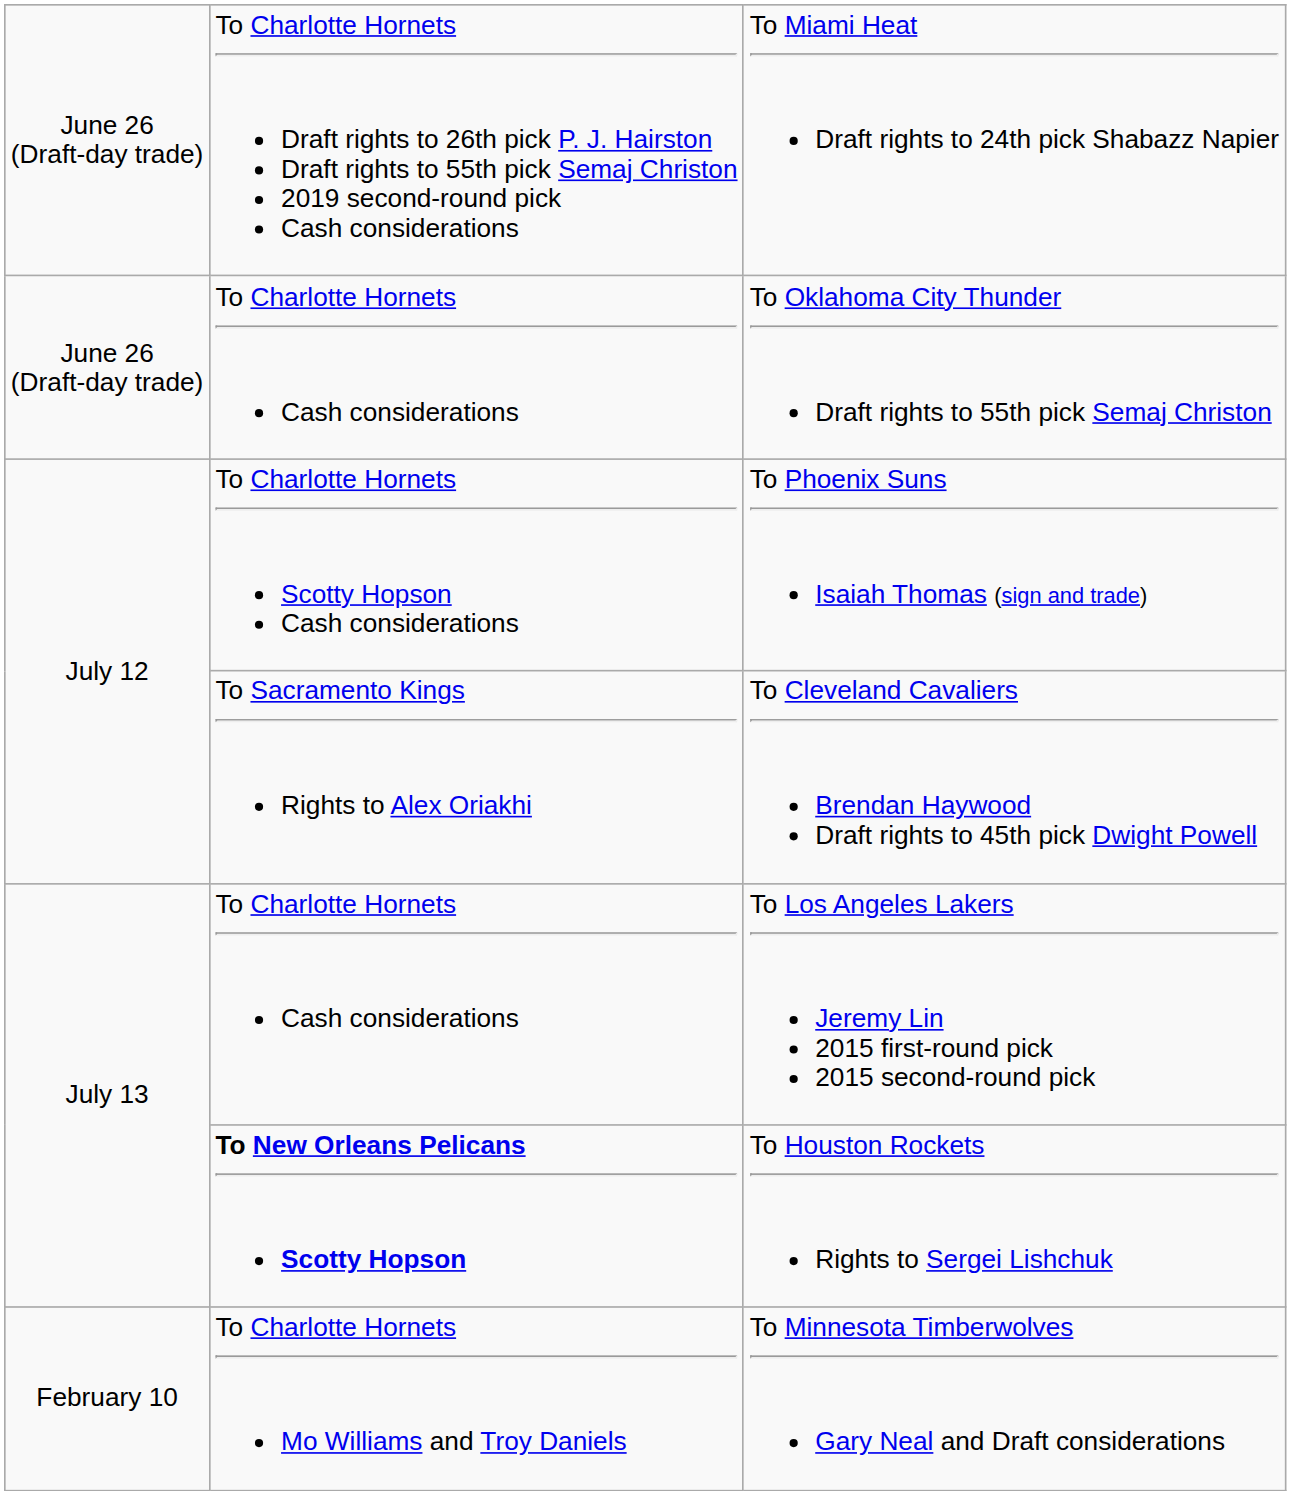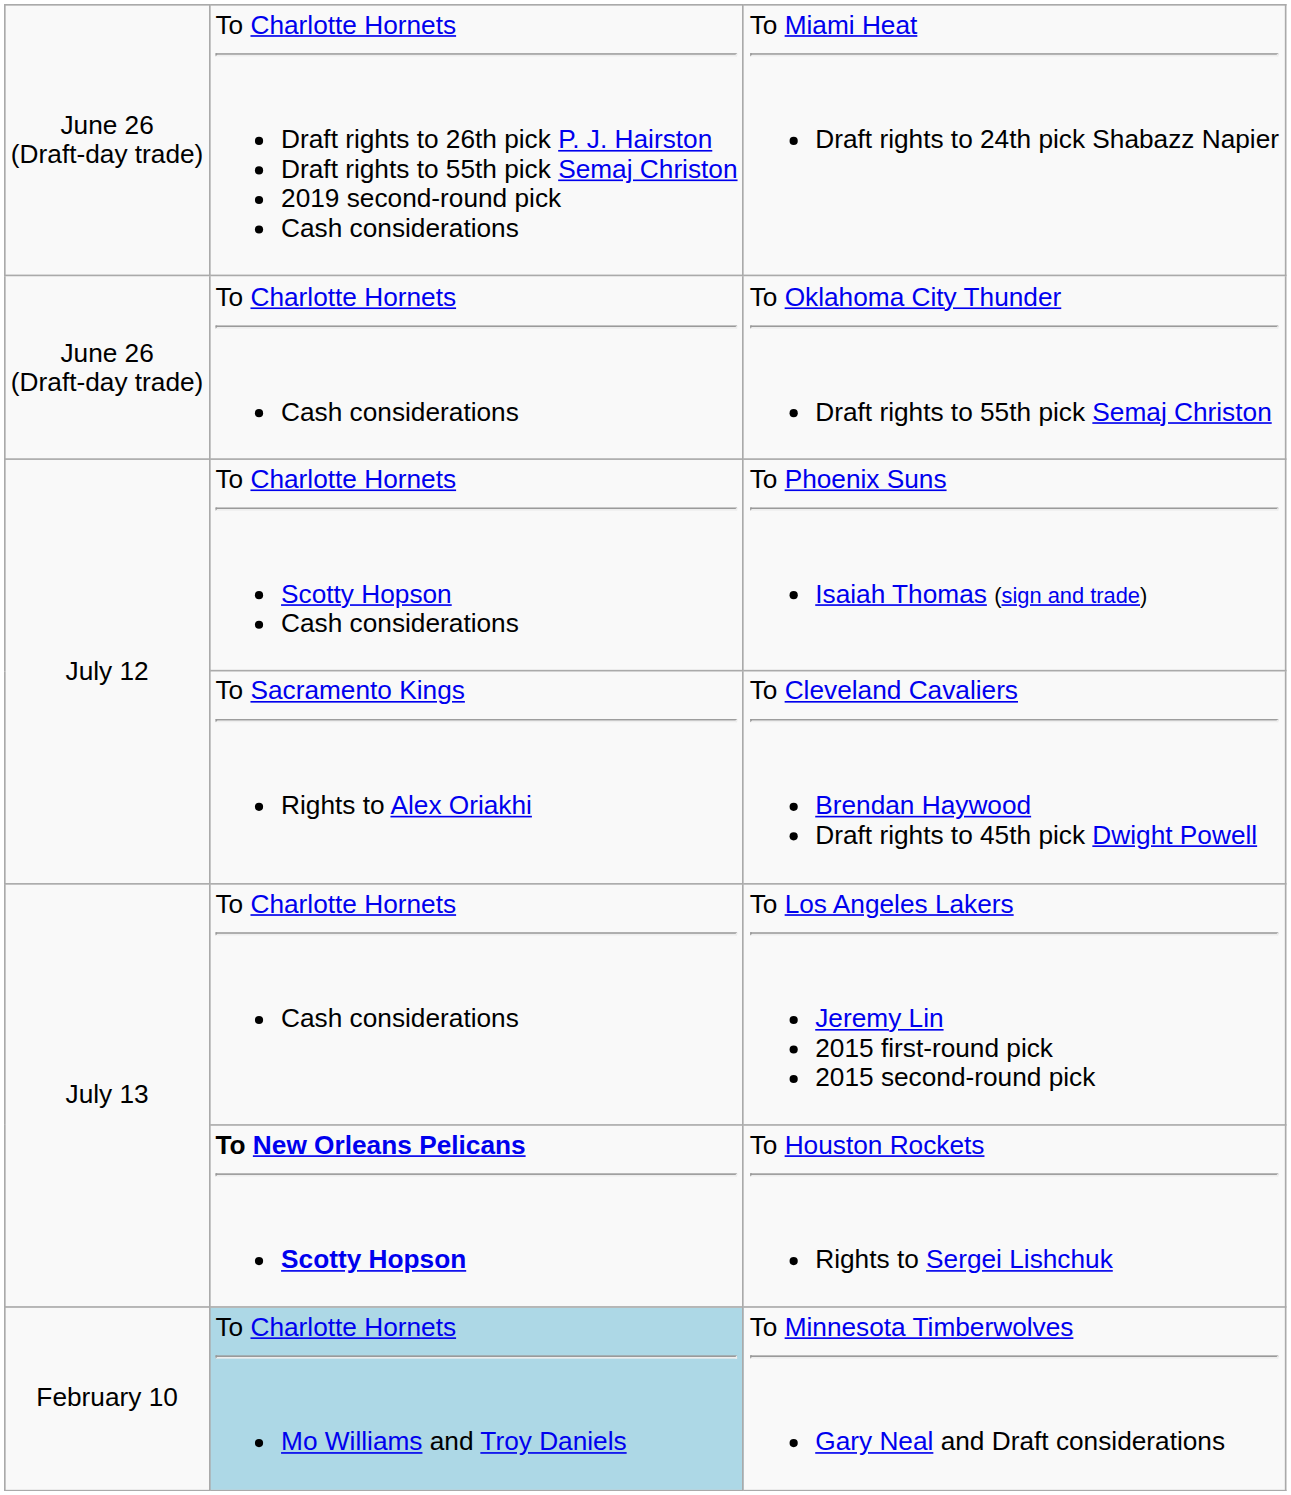 <table class="wikitable" style="text-align:center">
 <tr>
 <td>June 26<br>(Draft-day trade)</td>
 <td align=left valign=top>To <a href='#'>Charlotte Hornets</a><hr><br><ul><li>Draft rights to 26th pick <a href='#'>P. J. Hairston</a></li><li>Draft rights to 55th pick <a href='#'>Semaj Christon</a></li><li>2019 second-round pick</li><li>Cash considerations</li></ul></td>
 <td align=left valign=top>To <a href='#'>Miami Heat</a><hr><br><ul><li>Draft rights to 24th pick Shabazz Napier</li></ul></td>
 </tr>
 <tr>
 <td>June 26<br>(Draft-day trade)</td>
 <td align=left valign=top>To <a href='#'>Charlotte Hornets</a><hr><br><ul><li>Cash considerations</li></ul></td>
 <td align=left valign=top>To <a href='#'>Oklahoma City Thunder</a><hr><br><ul><li>Draft rights to 55th pick <a href='#'>Semaj Christon</a></li></ul></td>
 </tr>
 <tr>
 <td rowspan=2>July 12</td>
 <td align=left valign=top>To <a href='#'>Charlotte Hornets</a><hr><br><ul><li><a href='#'>Scotty Hopson</a></li><li>Cash considerations</li></ul></td>
 <td align=left valign=top>To <a href='#'>Phoenix Suns</a><hr><br><ul><li><a href='#'>Isaiah Thomas</a> <small>(<a href='#'>sign and trade</a>)</small></li></ul></td>
 </tr>
 <tr>
 <td align=left valign=top>To <a href='#'>Sacramento Kings</a><hr><br><ul><li>Rights to <a href='#'>Alex Oriakhi</a></li></ul></td>
 <td align=left valign=top>To <a href='#'>Cleveland Cavaliers</a><hr><br><ul><li><a href='#'>Brendan Haywood</a></li><li>Draft rights to 45th pick <a href='#'>Dwight Powell</a></li></ul></td>
 </tr>
 <tr>
 <td rowspan=2>July 13</td>
 <td align=left valign=top>To <a href='#'>Charlotte Hornets</a><hr><br><ul><li>Cash considerations</li></ul></td>
 <td align=left valign=top>To <a href='#'>Los Angeles Lakers</a><hr><br><ul><li><a href='#'>Jeremy Lin</a></li><li>2015 first-round pick</li><li>2015 second-round pick</li></ul></td>
 </tr>
 <tr>
 <td align=left valign=top><strong>To <a href='#'>New Orleans Pelicans</a><hr><br><ul><li><a href='#'>Scotty Hopson</a></li></ul></strong></td>
 <td align=left valign=top>To <a href='#'>Houston Rockets</a><hr><br><ul><li>Rights to <a href='#'>Sergei Lishchuk</a></li></ul></td>
 </tr>
 <tr>
 <td rowspan=2>February 10</td>
-<td align=left valign=top>To <a href='#'>Charlotte Hornets</a> <hr><br><ul><li><a href='#'>Mo Williams</a> and <a href='#'>Troy Daniels</a></li></ul></td>
+<td align=left valign=top style="background: lightblue;">To <a href='#'>Charlotte Hornets</a> <hr><br><ul><li><a href='#'>Mo Williams</a> and <a href='#'>Troy Daniels</a></li></ul></td>
 <td align=left valign=top>To <a href='#'>Minnesota Timberwolves</a><hr><br><ul><li><a href='#'>Gary Neal</a> and Draft considerations</li></ul></td>
 </tr>
 </table>
